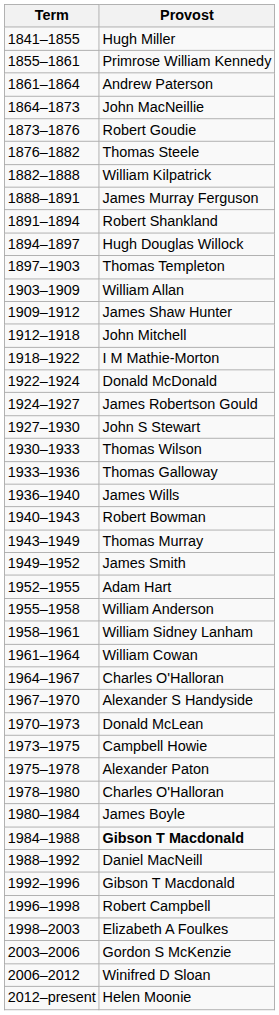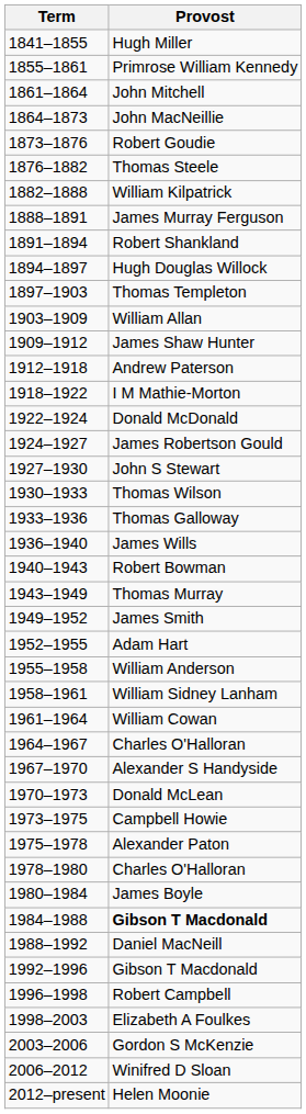 <table class="wikitable sortable">
 <tr>
 <th>Term</th>
 <th>Provost</th>
 </tr>
 <tr>
 <td>1841–1855</td>
 <td>Hugh Miller</td>
 </tr>
 <tr>
 <td>1855–1861</td>
 <td>Primrose William Kennedy</td>
 </tr>
 <tr>
 <td>1861–1864</td>
-<td>Andrew Paterson</td>
+<td>John Mitchell</td>
 </tr>
 <tr>
 <td>1864–1873</td>
 <td>John MacNeillie</td>
 </tr>
 <tr>
 <td>1873–1876</td>
 <td>Robert Goudie</td>
 </tr>
 <tr>
 <td>1876–1882</td>
 <td>Thomas Steele</td>
 </tr>
 <tr>
 <td>1882–1888</td>
 <td>William Kilpatrick</td>
 </tr>
 <tr>
 <td>1888–1891</td>
 <td>James Murray Ferguson</td>
 </tr>
 <tr>
 <td>1891–1894</td>
 <td>Robert Shankland</td>
 </tr>
 <tr>
 <td>1894–1897</td>
 <td>Hugh Douglas Willock</td>
 </tr>
 <tr>
 <td>1897–1903</td>
 <td>Thomas Templeton</td>
 </tr>
 <tr>
 <td>1903–1909</td>
 <td>William Allan</td>
 </tr>
 <tr>
 <td>1909–1912</td>
 <td>James Shaw Hunter</td>
 </tr>
 <tr>
 <td>1912–1918</td>
-<td>John Mitchell</td>
+<td>Andrew Paterson</td>
 </tr>
 <tr>
 <td>1918–1922</td>
 <td>I M Mathie-Morton</td>
 </tr>
 <tr>
 <td>1922–1924</td>
 <td>Donald McDonald</td>
 </tr>
 <tr>
 <td>1924–1927</td>
 <td>James Robertson Gould</td>
 </tr>
 <tr>
 <td>1927–1930</td>
 <td>John S Stewart</td>
 </tr>
 <tr>
 <td>1930–1933</td>
 <td>Thomas Wilson</td>
 </tr>
 <tr>
 <td>1933–1936</td>
 <td>Thomas Galloway</td>
 </tr>
 <tr>
 <td>1936–1940</td>
 <td>James Wills</td>
 </tr>
 <tr>
 <td>1940–1943</td>
 <td>Robert Bowman</td>
 </tr>
 <tr>
 <td>1943–1949</td>
 <td>Thomas Murray</td>
 </tr>
 <tr>
 <td>1949–1952</td>
 <td>James Smith</td>
 </tr>
 <tr>
 <td>1952–1955</td>
 <td>Adam Hart</td>
 </tr>
 <tr>
 <td>1955–1958</td>
 <td>William Anderson</td>
 </tr>
 <tr>
 <td>1958–1961</td>
 <td>William Sidney Lanham</td>
 </tr>
 <tr>
 <td>1961–1964</td>
 <td>William Cowan</td>
 </tr>
 <tr>
 <td>1964–1967</td>
 <td>Charles O'Halloran</td>
 </tr>
 <tr>
 <td>1967–1970</td>
 <td>Alexander S Handyside</td>
 </tr>
 <tr>
 <td>1970–1973</td>
 <td>Donald McLean</td>
 </tr>
 <tr>
 <td>1973–1975</td>
 <td>Campbell Howie</td>
 </tr>
 <tr>
 <td>1975–1978</td>
 <td>Alexander Paton</td>
 </tr>
 <tr>
 <td>1978–1980</td>
 <td>Charles O'Halloran</td>
 </tr>
 <tr>
 <td>1980–1984</td>
 <td>James Boyle</td>
 </tr>
 <tr>
 <td>1984–1988</td>
 <td><strong>Gibson T Macdonald</strong></td>
 </tr>
 <tr>
 <td>1988–1992</td>
 <td>Daniel MacNeill</td>
 </tr>
 <tr>
 <td>1992–1996</td>
 <td>Gibson T Macdonald</td>
 </tr>
 <tr>
 <td>1996–1998</td>
 <td>Robert Campbell</td>
 </tr>
 <tr>
 <td>1998–2003</td>
 <td>Elizabeth A Foulkes</td>
 </tr>
 <tr>
 <td>2003–2006</td>
 <td>Gordon S McKenzie</td>
 </tr>
 <tr>
 <td>2006–2012</td>
 <td>Winifred D Sloan</td>
 </tr>
 <tr>
 <td>2012–present</td>
 <td>Helen Moonie</td>
 </tr>
 </table>
